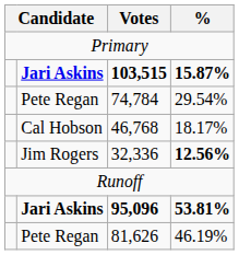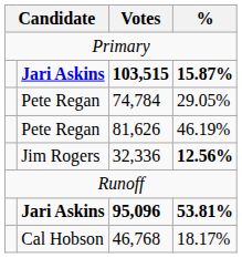 <table class="wikitable">
 <tr>
 <th colspan="2" rowspan="1" align="center" valign="top"><strong>Candidate</strong></th>
 <th valign="top"><strong>Votes</strong></th>
 <th valign="top"><strong>%</strong></th>
 </tr>
 <tr>
 <td style="text-align:center;" colspan="4"><em>Primary</em></td>
 </tr>
 <tr>
 <td style="background-color:"> </td>
 <td><strong><a href='#'>Jari Askins</a></strong></td>
 <td><strong>103,515</strong></td>
 <td><strong>15.87%</strong></td>
 </tr>
 <tr>
 <td style="background-color:"> </td>
 <td>Pete Regan</td>
 <td>74,784</td>
-<td>29.54%</td>
+<td>29.05%</td>
 </tr>
 <tr>
 <td style="background-color:"> </td>
-<td>Cal Hobson</td>
-<td>46,768</td>
-<td>18.17%</td>
+<td>Pete Regan</td>
+<td>81,626</td>
+<td>46.19%</td>
 </tr>
 <tr>
 <td style="background-color:"> </td>
 <td>Jim Rogers</td>
 <td>32,336</td>
 <td><strong>12.56%</strong></td>
 </tr>
 <tr>
 <td style="text-align:center;" colspan="4"><em>Runoff</em></td>
 </tr>
 <tr>
 <td style="background-color:"> </td>
 <td><strong>Jari Askins</strong></td>
 <td><strong>95,096</strong></td>
 <td><strong>53.81%</strong></td>
 </tr>
 <tr>
 <td style="background-color:"> </td>
-<td>Pete Regan</td>
-<td>81,626</td>
-<td>46.19%</td>
+<td>Cal Hobson</td>
+<td>46,768</td>
+<td>18.17%</td>
 </tr>
 </table>
